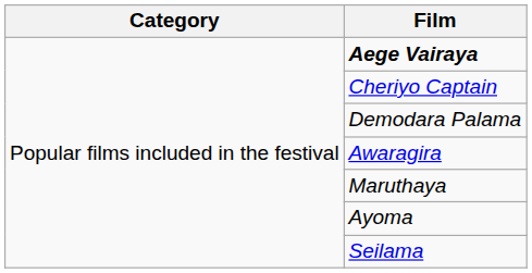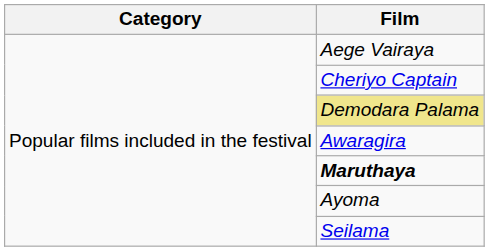 <table class="wikitable plainrowheaders sortable">
 <tr>
 <th scope="col">Category</th>
 <th scope="col">Film</th>
 </tr>
 <tr>
 <td rowspan=7>Popular films included in the festival</td>
-<td><strong><em>Aege Vairaya</em></strong></td>
+<td><em>Aege Vairaya</em></td>
 </tr>
 <tr>
 <td><em><a href='#'>Cheriyo Captain</a></em></td>
 </tr>
 <tr>
-<td><em>Demodara Palama</em></td>
+<td style="background: khaki;"><em>Demodara Palama</em></td>
 </tr>
 <tr>
 <td><em><a href='#'>Awaragira</a></em></td>
 </tr>
 <tr>
-<td><em>Maruthaya</em></td>
+<td><strong><em>Maruthaya</em></strong></td>
 </tr>
 <tr>
 <td><em>Ayoma</em></td>
 </tr>
 <tr>
 <td><em><a href='#'>Seilama</a></em></td>
 </tr>
 </table>
